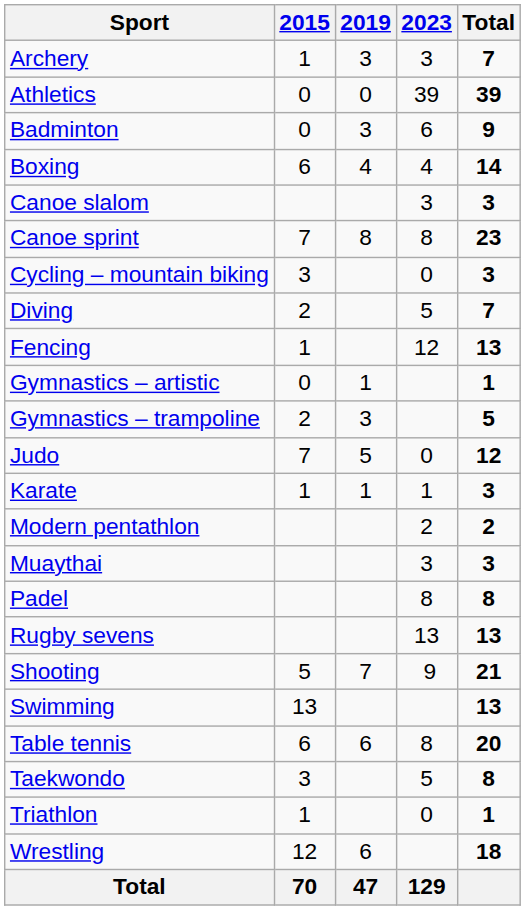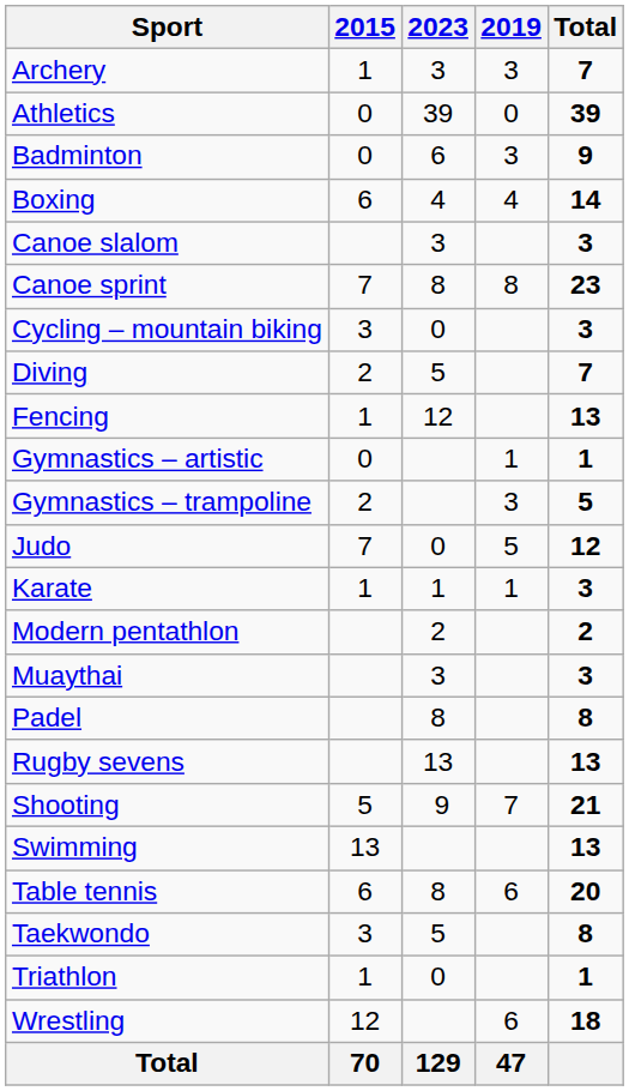 <table class="wikitable sortable" style="text-align:center;">
 <tr>
 <th>Sport</th>
 <th><a href='#'>2015</a></th>
+<th><a href='#'>2023</a></th>
 <th><a href='#'>2019</a></th>
-<th><a href='#'>2023</a></th>
 <th>Total</th>
 </tr>
 <tr>
 <td align=left><a href='#'>Archery</a></td>
 <td>1</td>
 <td>3</td>
 <td>3</td>
 <td><strong>7</strong></td>
 </tr>
 <tr>
 <td align=left><a href='#'>Athletics</a></td>
 <td>0</td>
+<td>39</td>
 <td>0</td>
-<td>39</td>
 <td><strong>39</strong></td>
 </tr>
 <tr>
 <td align=left><a href='#'>Badminton</a></td>
 <td>0</td>
+<td>6</td>
 <td>3</td>
-<td>6</td>
 <td><strong>9</strong></td>
 </tr>
 <tr>
 <td align=left><a href='#'>Boxing</a></td>
 <td>6</td>
 <td>4</td>
 <td>4</td>
 <td><strong>14</strong></td>
 </tr>
 <tr>
 <td align=left><a href='#'>Canoe slalom</a></td>
 <td></td>
+<td>3</td>
 <td></td>
-<td>3</td>
 <td><strong>3</strong></td>
 </tr>
 <tr>
 <td align=left><a href='#'>Canoe sprint</a></td>
 <td>7</td>
 <td>8</td>
 <td>8</td>
 <td><strong>23</strong></td>
 </tr>
 <tr>
 <td align=left><a href='#'>Cycling – mountain biking</a></td>
 <td>3</td>
+<td>0</td>
 <td></td>
-<td>0</td>
 <td><strong>3</strong></td>
 </tr>
 <tr>
 <td align=left><a href='#'>Diving</a></td>
 <td>2</td>
+<td>5</td>
 <td></td>
-<td>5</td>
 <td><strong>7</strong></td>
 </tr>
 <tr>
 <td align=left><a href='#'>Fencing</a></td>
 <td>1</td>
+<td>12</td>
 <td></td>
-<td>12</td>
 <td><strong>13</strong></td>
 </tr>
 <tr>
 <td align=left><a href='#'>Gymnastics – artistic</a></td>
 <td>0</td>
+<td></td>
 <td>1</td>
-<td></td>
 <td><strong>1</strong></td>
 </tr>
 <tr>
 <td align=left><a href='#'>Gymnastics – trampoline</a></td>
 <td>2</td>
+<td> </td>
 <td>3</td>
-<td> </td>
 <td><strong>5</strong></td>
 </tr>
 <tr>
 <td align=left><a href='#'>Judo</a></td>
 <td>7</td>
+<td>0</td>
 <td>5</td>
-<td>0</td>
 <td><strong>12</strong></td>
 </tr>
 <tr>
 <td align=left><a href='#'>Karate</a></td>
 <td>1</td>
 <td>1</td>
 <td>1</td>
 <td><strong>3</strong></td>
 </tr>
 <tr>
 <td align=left><a href='#'>Modern pentathlon</a></td>
 <td></td>
+<td>2</td>
 <td></td>
-<td>2</td>
 <td><strong>2</strong></td>
 </tr>
 <tr>
 <td align=left><a href='#'>Muaythai</a></td>
 <td></td>
+<td>3</td>
 <td></td>
-<td>3</td>
 <td><strong>3</strong></td>
 </tr>
 <tr>
 <td align=left><a href='#'>Padel</a></td>
 <td></td>
+<td>8</td>
 <td></td>
-<td>8</td>
 <td><strong>8</strong></td>
 </tr>
 <tr>
 <td align=left><a href='#'>Rugby sevens</a></td>
 <td></td>
+<td>13</td>
 <td></td>
-<td>13</td>
 <td><strong>13</strong></td>
 </tr>
 <tr>
 <td align=left><a href='#'>Shooting</a></td>
 <td>5</td>
+<td> 9</td>
 <td>7</td>
-<td> 9</td>
 <td><strong>21</strong></td>
 </tr>
 <tr>
 <td align=left><a href='#'>Swimming</a></td>
 <td>13</td>
+<td> </td>
 <td></td>
-<td> </td>
 <td><strong>13</strong></td>
 </tr>
 <tr>
 <td align=left><a href='#'>Table tennis</a></td>
 <td>6</td>
+<td>8</td>
 <td>6</td>
-<td>8</td>
 <td><strong>20</strong></td>
 </tr>
 <tr>
 <td align=left><a href='#'>Taekwondo</a></td>
 <td>3</td>
+<td>5</td>
 <td></td>
-<td>5</td>
 <td><strong>8</strong></td>
 </tr>
 <tr>
 <td align=left><a href='#'>Triathlon</a></td>
 <td>1</td>
+<td>0</td>
 <td></td>
-<td>0</td>
 <td><strong>1</strong></td>
 </tr>
 <tr>
 <td align=left><a href='#'>Wrestling</a></td>
 <td>12</td>
+<td> </td>
 <td>6</td>
-<td> </td>
 <td><strong>18</strong></td>
 </tr>
 <tr>
 <th>Total</th>
 <th>70</th>
+<th>129</th>
 <th>47</th>
-<th>129</th>
 <th></th>
 </tr>
 </table>
